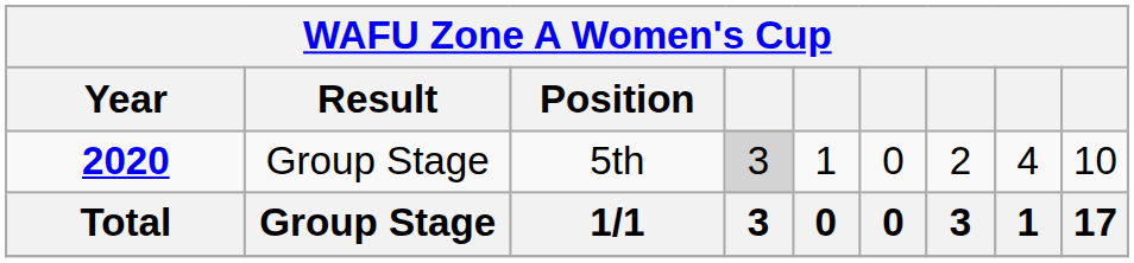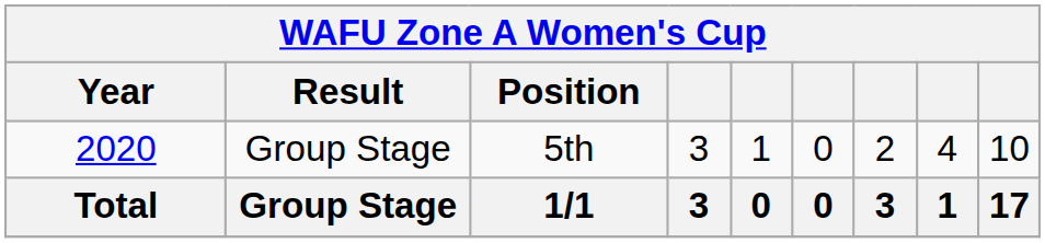 <table class="wikitable" style="text-align:center;">
 <tr>
 <th colspan="9"><a href='#'>WAFU Zone A Women's Cup</a></th>
 </tr>
 <tr>
 <th style="width:90px;">Year</th>
 <th style="width:100px;">Result</th>
 <th style="width:80px;">Position</th>
 <th style="width:20px;"></th>
 <th style="width:20px;"></th>
 <th style="width:20px;"></th>
 <th style="width:20px;"></th>
 <th style="width:20px;"></th>
 <th style="width:20px;"></th>
 </tr>
 <tr>
-<td><strong> <a href='#'>2020</a></strong></td>
+<td> <a href='#'>2020</a></td>
 <td>Group Stage</td>
 <td>5th</td>
-<td style="background: lightgrey;">3</td>
+<td>3</td>
 <td>1</td>
 <td>0</td>
 <td>2</td>
 <td>4</td>
 <td>10</td>
 </tr>
 <tr>
 <th>Total</th>
 <th>Group Stage</th>
 <th>1/1</th>
 <th>3</th>
 <th>0</th>
 <th>0</th>
 <th>3</th>
 <th>1</th>
 <th>17</th>
 </tr>
 <tr>
 </tr>
 </table>
